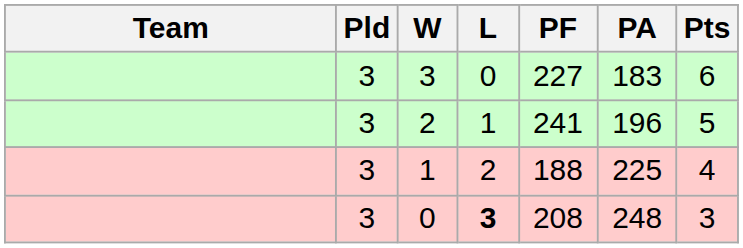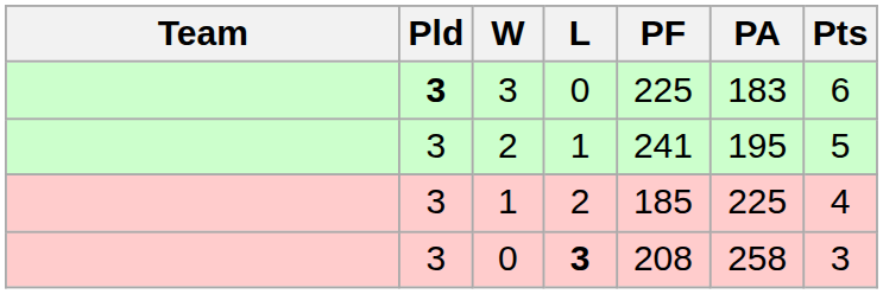 <table class="wikitable" style="text-align:center;">
 <tr>
 <th width=170>Team</th>
 <th width=25>Pld</th>
 <th width=25>W</th>
 <th width=25>L</th>
 <th width=35>PF</th>
 <th width=35>PA</th>
 <th width=25>Pts</th>
 </tr>
 <tr bgcolor=#ccffcc>
 <td align="left"></td>
-<td>3</td>
+<td><strong>3</strong></td>
 <td>3</td>
 <td>0</td>
-<td>227</td>
+<td>225</td>
 <td>183</td>
 <td>6</td>
 </tr>
 <tr bgcolor=#ccffcc>
 <td align="left"></td>
 <td>3</td>
 <td>2</td>
 <td>1</td>
 <td>241</td>
-<td>196</td>
+<td>195</td>
 <td>5</td>
 </tr>
 <tr bgcolor=#ffcccc>
 <td align="left"></td>
 <td>3</td>
 <td>1</td>
 <td>2</td>
-<td>188</td>
+<td>185</td>
 <td>225</td>
 <td>4</td>
 </tr>
 <tr bgcolor=#ffcccc>
 <td align="left"></td>
 <td>3</td>
 <td>0</td>
 <td><strong>3</strong></td>
 <td>208</td>
-<td>248</td>
+<td>258</td>
 <td>3</td>
 </tr>
 </table>
